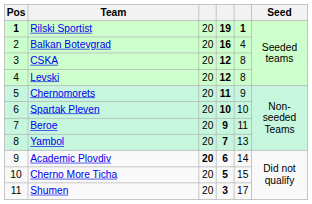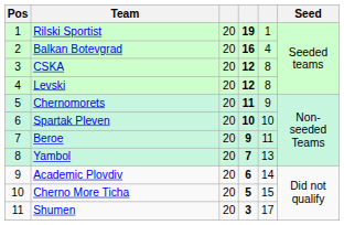 <table class="wikitable" style="text-align: center;">
 <tr>
 <th width="15">Pos</th>
 <th width="260">Team</th>
 <th width="20"></th>
 <th width="20"></th>
 <th width="20"></th>
 <th width="80">Seed</th>
 </tr>
 <tr bgcolor="#cfc">
-<td><strong>1</strong></td>
+<td>1</td>
 <td align="left"><a href='#'>Rilski Sportist</a></td>
 <td>20</td>
 <td><strong>19</strong></td>
-<td><strong>1</strong></td>
+<td>1</td>
 <td rowspan="4">Seeded teams</td>
 </tr>
 <tr bgcolor="#cfc">
 <td>2</td>
 <td align="left"><a href='#'>Balkan Botevgrad</a></td>
 <td>20</td>
 <td><strong>16</strong></td>
 <td>4</td>
 </tr>
 <tr bgcolor="#cfc">
 <td>3</td>
 <td align="left"><a href='#'>CSKA</a></td>
 <td>20</td>
 <td><strong>12</strong></td>
 <td>8</td>
 </tr>
 <tr bgcolor="#cfc">
 <td>4</td>
 <td align="left"><a href='#'>Levski</a></td>
 <td>20</td>
 <td><strong>12</strong></td>
 <td>8</td>
 </tr>
 <tr bgcolor="#c6f7de">
 <td>5</td>
 <td align="left"><a href='#'>Chernomorets</a></td>
 <td>20</td>
 <td><strong>11</strong></td>
 <td>9</td>
 <td rowspan="4">Non-seeded Teams</td>
 </tr>
 <tr bgcolor="#c6f7de">
 <td>6</td>
 <td align="left"><a href='#'>Spartak Pleven</a></td>
 <td>20</td>
 <td><strong>10</strong></td>
 <td>10</td>
 </tr>
 <tr bgcolor="#c6f7de">
 <td>7</td>
 <td align="left"><a href='#'>Beroe</a></td>
 <td>20</td>
 <td><strong>9</strong></td>
 <td>11</td>
 </tr>
 <tr bgcolor="#c6f7de">
 <td>8</td>
 <td align="left"><a href='#'>Yambol</a></td>
 <td>20</td>
 <td><strong>7</strong></td>
 <td>13</td>
 </tr>
 <tr>
 <td>9</td>
 <td align="left"><a href='#'>Academic Plovdiv</a></td>
-<td><strong>20</strong></td>
+<td>20</td>
 <td><strong>6</strong></td>
 <td>14</td>
 <td rowspan="3">Did not qualify</td>
 </tr>
 <tr>
 <td>10</td>
 <td align="left"><a href='#'>Cherno More Ticha</a></td>
 <td>20</td>
 <td><strong>5</strong></td>
 <td>15</td>
 </tr>
 <tr>
 <td>11</td>
 <td align="left"><a href='#'>Shumen</a></td>
 <td>20</td>
 <td><strong>3</strong></td>
 <td>17</td>
 </tr>
 </table>
